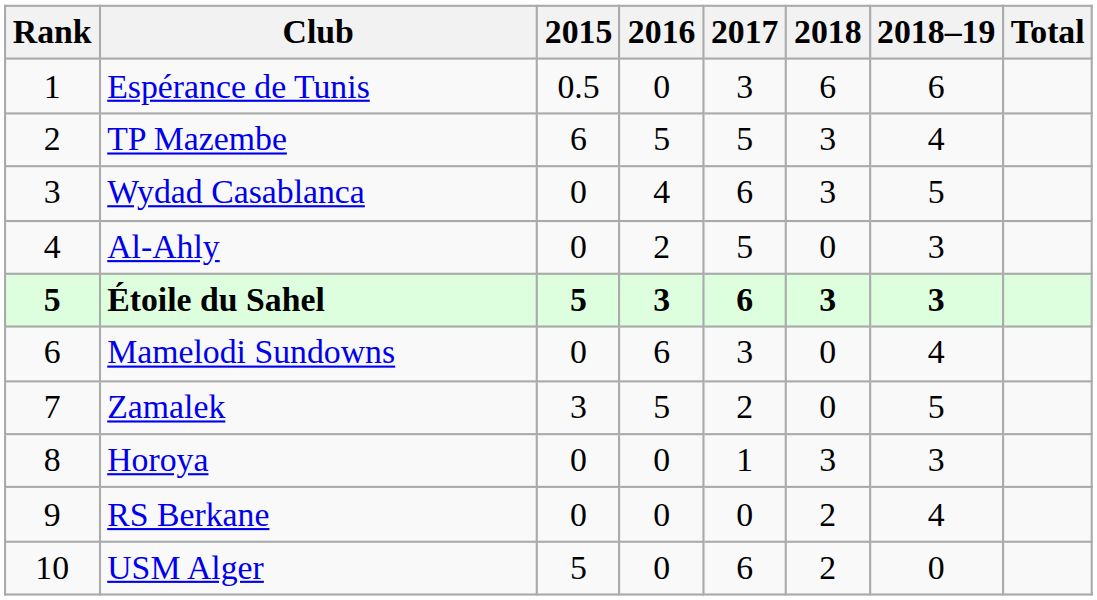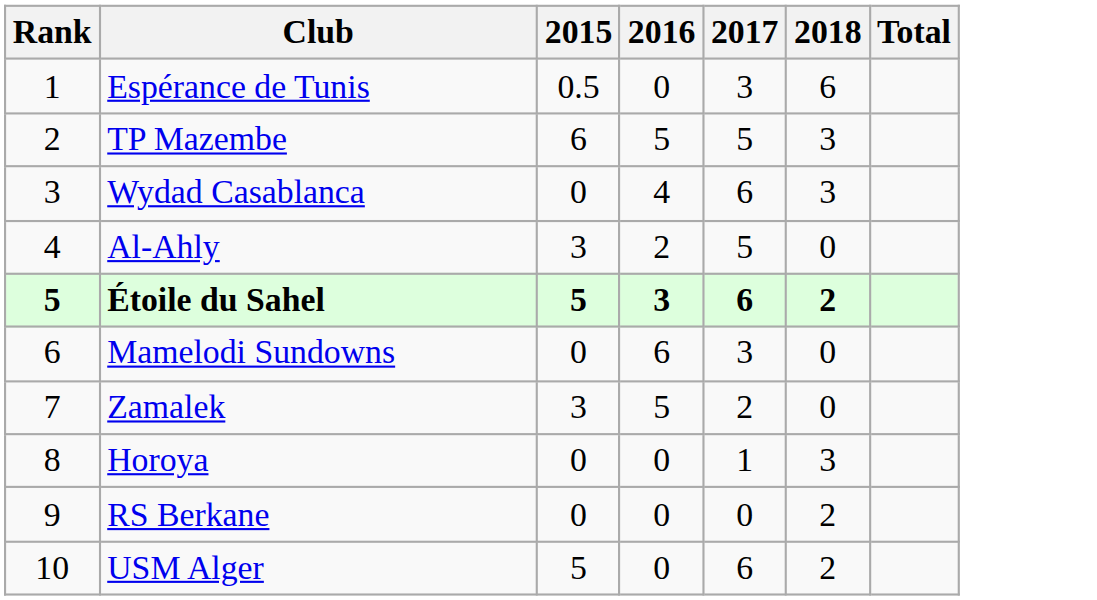 <table class="wikitable" style="text-align: center; display:inline-table;">
 <tr>
 <th>Rank</th>
 <th width=200>Club</th>
 <th>2015</th>
 <th>2016</th>
 <th>2017</th>
 <th>2018</th>
-<th>2018–19</th>
 <th>Total</th>
 </tr>
 <tr>
 <td>1</td>
 <td align=left> <a href='#'>Espérance de Tunis</a></td>
 <td>0.5</td>
 <td>0</td>
 <td>3</td>
-<td>6</td>
 <td>6</td>
 <td><strong></strong></td>
 </tr>
 <tr>
 <td>2</td>
 <td align=left> <a href='#'>TP Mazembe</a></td>
 <td>6</td>
 <td>5</td>
 <td>5</td>
 <td>3</td>
-<td>4</td>
 <td><strong></strong></td>
 </tr>
 <tr>
 <td>3</td>
 <td align=left> <a href='#'>Wydad Casablanca</a></td>
 <td>0</td>
 <td>4</td>
 <td>6</td>
 <td>3</td>
-<td>5</td>
 <td><strong></strong></td>
 </tr>
 <tr>
 <td>4</td>
 <td align=left> <a href='#'>Al-Ahly</a></td>
-<td>0</td>
+<td>3</td>
 <td>2</td>
 <td>5</td>
 <td>0</td>
-<td>3</td>
 <td><strong></strong></td>
 </tr>
 <tr style="background:#dfd;">
 <td><strong>5</strong></td>
 <td align=left> <strong>Étoile du Sahel</strong></td>
 <td><strong>5</strong></td>
 <td><strong>3</strong></td>
 <td><strong>6</strong></td>
-<td><strong>3</strong></td>
-<td><strong>3</strong></td>
+<td><strong>2</strong></td>
 <td><strong></strong></td>
 </tr>
 <tr>
 <td>6</td>
 <td align=left> <a href='#'>Mamelodi Sundowns</a></td>
 <td>0</td>
 <td>6</td>
 <td>3</td>
 <td>0</td>
-<td>4</td>
 <td><strong></strong></td>
 </tr>
 <tr>
 <td>7</td>
 <td align=left> <a href='#'>Zamalek</a></td>
 <td>3</td>
 <td>5</td>
 <td>2</td>
 <td>0</td>
-<td>5</td>
 <td><strong></strong></td>
 </tr>
 <tr>
 <td>8</td>
 <td align=left> <a href='#'>Horoya</a></td>
 <td>0</td>
 <td>0</td>
 <td>1</td>
-<td>3</td>
 <td>3</td>
 <td><strong></strong></td>
 </tr>
 <tr>
 <td>9</td>
 <td align=left> <a href='#'>RS Berkane</a></td>
 <td>0</td>
 <td>0</td>
 <td>0</td>
 <td>2</td>
-<td>4</td>
 <td><strong></strong></td>
 </tr>
 <tr>
 <td>10</td>
 <td align=left> <a href='#'>USM Alger</a></td>
 <td>5</td>
 <td>0</td>
 <td>6</td>
 <td>2</td>
-<td>0</td>
 <td><strong></strong></td>
 </tr>
 </table>
